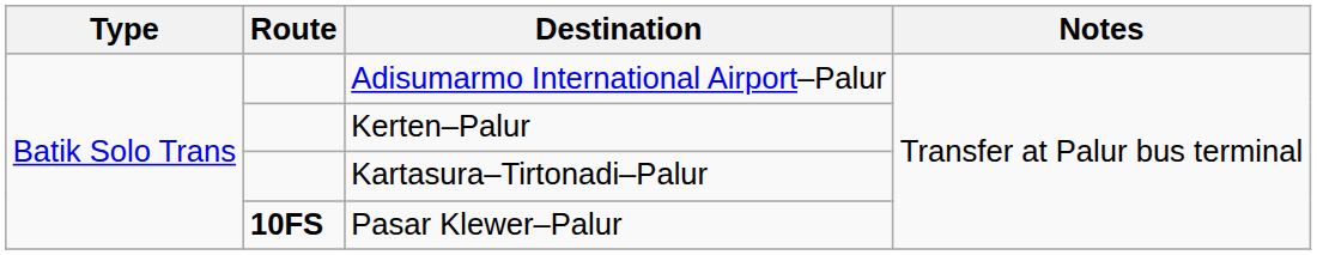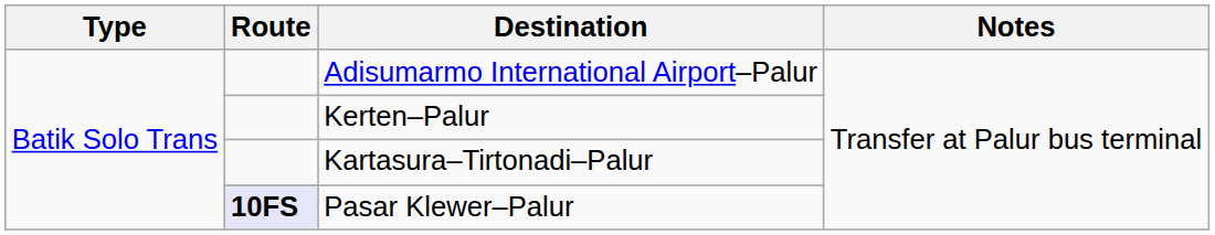 <table class="wikitable">
 <tr>
 <th>Type</th>
 <th>Route</th>
 <th>Destination</th>
 <th>Notes</th>
 </tr>
 <tr>
 <td rowspan="4"><a href='#'>Batik Solo Trans</a></td>
 <td></td>
 <td><a href='#'>Adisumarmo International Airport</a>–Palur</td>
 <td rowspan="4">Transfer at Palur bus terminal</td>
 </tr>
 <tr>
 <td></td>
 <td>Kerten–Palur</td>
 </tr>
 <tr>
 <td></td>
 <td>Kartasura–Tirtonadi–Palur</td>
 </tr>
 <tr>
-<td><strong>10FS</strong></td>
+<td style="background: lavender;"><strong>10FS</strong></td>
 <td>Pasar Klewer–Palur</td>
 </tr>
 </table>
